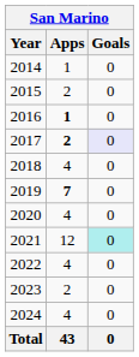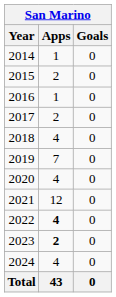 <table class="wikitable" style="text-align:center">
 <tr>
 <th colspan=3><a href='#'>San Marino</a></th>
 </tr>
 <tr>
 <th>Year</th>
 <th>Apps</th>
 <th>Goals</th>
 </tr>
 <tr>
 <td>2014</td>
 <td>1</td>
 <td>0</td>
 </tr>
 <tr>
 <td>2015</td>
 <td>2</td>
 <td>0</td>
 </tr>
 <tr>
 <td>2016</td>
-<td><strong>1</strong></td>
+<td>1</td>
 <td>0</td>
 </tr>
 <tr>
 <td>2017</td>
-<td><strong>2</strong></td>
-<td style="background: lavender;">0</td>
+<td>2</td>
+<td>0</td>
 </tr>
 <tr>
 <td>2018</td>
 <td>4</td>
 <td>0</td>
 </tr>
 <tr>
 <td>2019</td>
-<td><strong>7</strong></td>
+<td>7</td>
 <td>0</td>
 </tr>
 <tr>
 <td>2020</td>
 <td>4</td>
 <td>0</td>
 </tr>
 <tr>
 <td>2021</td>
 <td>12</td>
-<td style="background: paleturquoise;">0</td>
+<td>0</td>
 </tr>
 <tr>
 <td>2022</td>
-<td>4</td>
+<td><strong>4</strong></td>
 <td>0</td>
 </tr>
 <tr>
 <td>2023</td>
-<td>2</td>
+<td><strong>2</strong></td>
 <td>0</td>
 </tr>
 <tr>
 <td>2024</td>
 <td>4</td>
 <td>0</td>
 </tr>
 <tr>
 <th>Total</th>
 <th>43</th>
 <th>0</th>
 </tr>
 </table>
